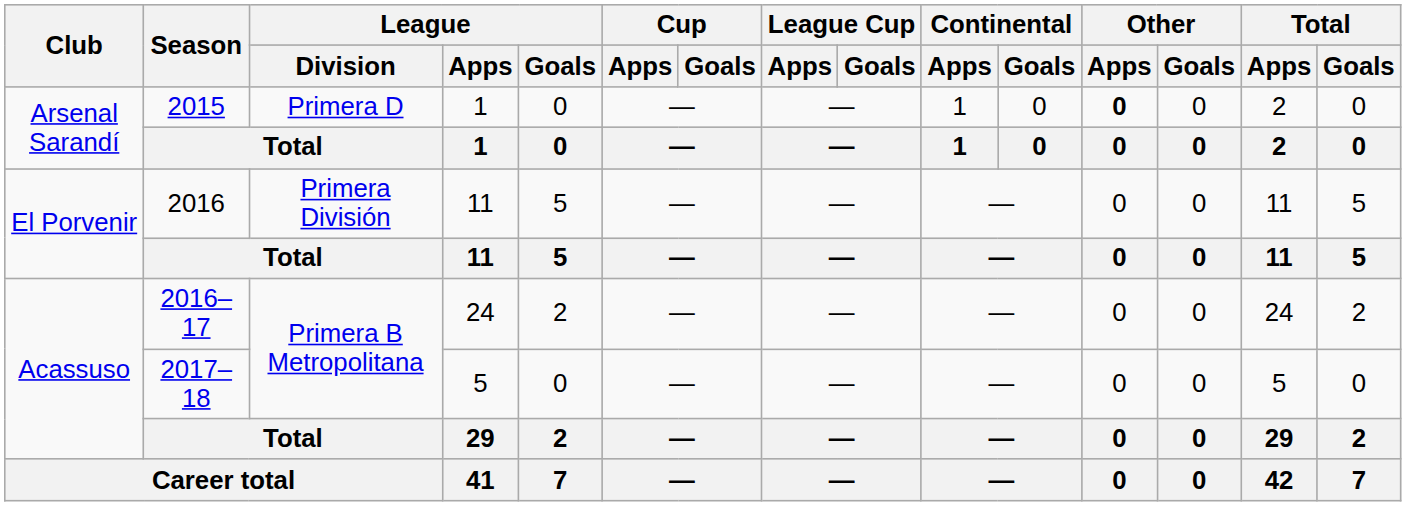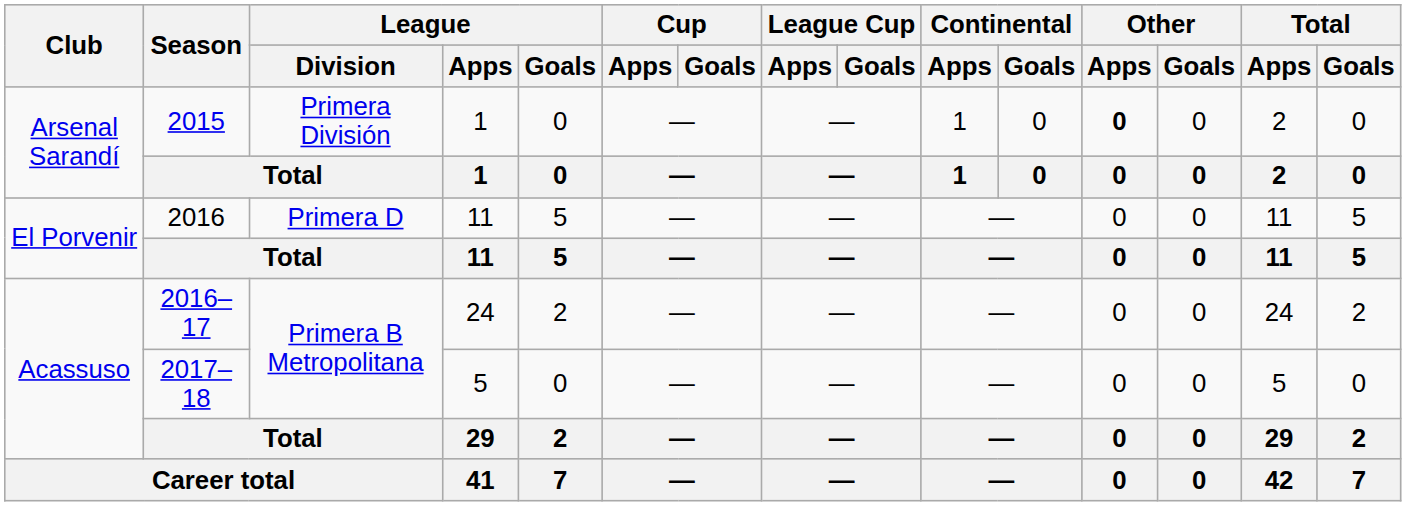 <table class="wikitable" style="text-align:center">
 <tr>
 <th rowspan="2">Club</th>
 <th rowspan="2">Season</th>
 <th colspan="3">League</th>
 <th colspan="2">Cup</th>
 <th colspan="2">League Cup</th>
 <th colspan="2">Continental</th>
 <th colspan="2">Other</th>
 <th colspan="2">Total</th>
 </tr>
 <tr>
 <th>Division</th>
 <th>Apps</th>
 <th>Goals</th>
 <th>Apps</th>
 <th>Goals</th>
 <th>Apps</th>
 <th>Goals</th>
 <th>Apps</th>
 <th>Goals</th>
 <th>Apps</th>
 <th>Goals</th>
 <th>Apps</th>
 <th>Goals</th>
 </tr>
 <tr>
 <td rowspan="2"><a href='#'>Arsenal Sarandí</a></td>
 <td><a href='#'>2015</a></td>
-<td rowspan="1"><a href='#'>Primera D</a></td>
+<td rowspan="1"><a href='#'>Primera División</a></td>
 <td>1</td>
 <td>0</td>
 <td colspan="2">—</td>
 <td colspan="2">—</td>
 <td>1</td>
 <td>0</td>
 <td><strong>0</strong></td>
 <td>0</td>
 <td>2</td>
 <td>0</td>
 </tr>
 <tr>
 <th colspan="2">Total</th>
 <th>1</th>
 <th>0</th>
 <th colspan="2">—</th>
 <th colspan="2">—</th>
 <th>1</th>
 <th>0</th>
 <th>0</th>
 <th>0</th>
 <th>2</th>
 <th>0</th>
 </tr>
 <tr>
 <td rowspan="2"><a href='#'>El Porvenir</a></td>
 <td>2016</td>
-<td rowspan="1"><a href='#'>Primera División</a></td>
+<td rowspan="1"><a href='#'>Primera D</a></td>
 <td>11</td>
 <td>5</td>
 <td colspan="2">—</td>
 <td colspan="2">—</td>
 <td colspan="2">—</td>
 <td>0</td>
 <td>0</td>
 <td>11</td>
 <td>5</td>
 </tr>
 <tr>
 <th colspan="2">Total</th>
 <th>11</th>
 <th>5</th>
 <th colspan="2">—</th>
 <th colspan="2">—</th>
 <th colspan="2">—</th>
 <th>0</th>
 <th>0</th>
 <th>11</th>
 <th>5</th>
 </tr>
 <tr>
 <td rowspan="3"><a href='#'>Acassuso</a></td>
 <td><a href='#'>2016–17</a></td>
 <td rowspan="2"><a href='#'>Primera B Metropolitana</a></td>
 <td>24</td>
 <td>2</td>
 <td colspan="2">—</td>
 <td colspan="2">—</td>
 <td colspan="2">—</td>
 <td>0</td>
 <td>0</td>
 <td>24</td>
 <td>2</td>
 </tr>
 <tr>
 <td><a href='#'>2017–18</a></td>
 <td>5</td>
 <td>0</td>
 <td colspan="2">—</td>
 <td colspan="2">—</td>
 <td colspan="2">—</td>
 <td>0</td>
 <td>0</td>
 <td>5</td>
 <td>0</td>
 </tr>
 <tr>
 <th colspan="2">Total</th>
 <th>29</th>
 <th>2</th>
 <th colspan="2">—</th>
 <th colspan="2">—</th>
 <th colspan="2">—</th>
 <th>0</th>
 <th>0</th>
 <th>29</th>
 <th>2</th>
 </tr>
 <tr>
 <th colspan="3">Career total</th>
 <th>41</th>
 <th>7</th>
 <th colspan="2">—</th>
 <th colspan="2">—</th>
 <th colspan="2">—</th>
 <th>0</th>
 <th>0</th>
 <th>42</th>
 <th>7</th>
 </tr>
 </table>
